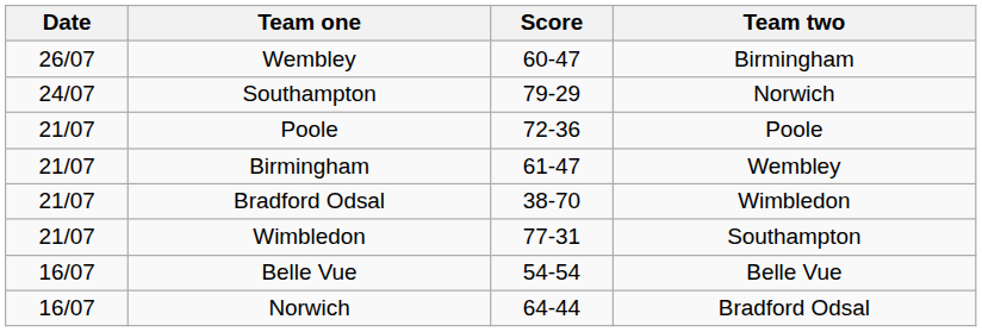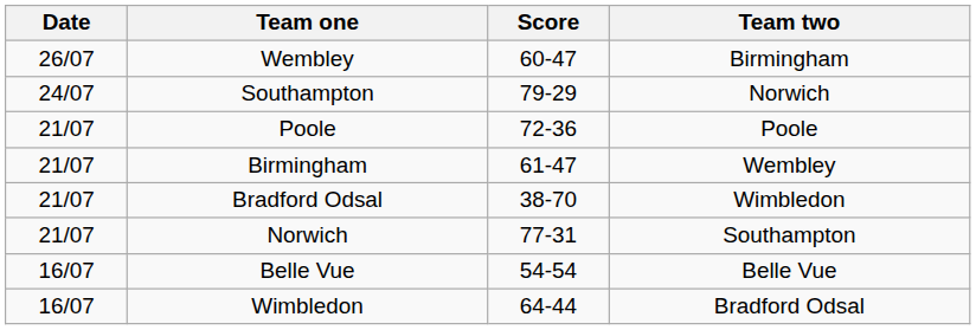 <table class="wikitable" style="text-align: center">
 <tr>
 <th width=80>Date</th>
 <th width=250>Team one</th>
 <th width=80>Score</th>
 <th width=250>Team two</th>
 </tr>
 <tr>
 <td>26/07</td>
 <td>Wembley</td>
 <td>60-47</td>
 <td>Birmingham</td>
 </tr>
 <tr>
 <td>24/07</td>
 <td>Southampton</td>
 <td>79-29</td>
 <td>Norwich</td>
 </tr>
 <tr>
 <td>21/07</td>
 <td>Poole</td>
 <td>72-36</td>
 <td>Poole</td>
 </tr>
 <tr>
 <td>21/07</td>
 <td>Birmingham</td>
 <td>61-47</td>
 <td>Wembley</td>
 </tr>
 <tr>
 <td>21/07</td>
 <td>Bradford Odsal</td>
 <td>38-70</td>
 <td>Wimbledon</td>
 </tr>
 <tr>
 <td>21/07</td>
-<td>Wimbledon</td>
+<td>Norwich</td>
 <td>77-31</td>
 <td>Southampton</td>
 </tr>
 <tr>
 <td>16/07</td>
 <td>Belle Vue</td>
 <td>54-54</td>
 <td>Belle Vue</td>
 </tr>
 <tr>
 <td>16/07</td>
-<td>Norwich</td>
+<td>Wimbledon</td>
 <td>64-44</td>
 <td>Bradford Odsal</td>
 </tr>
 </table>
